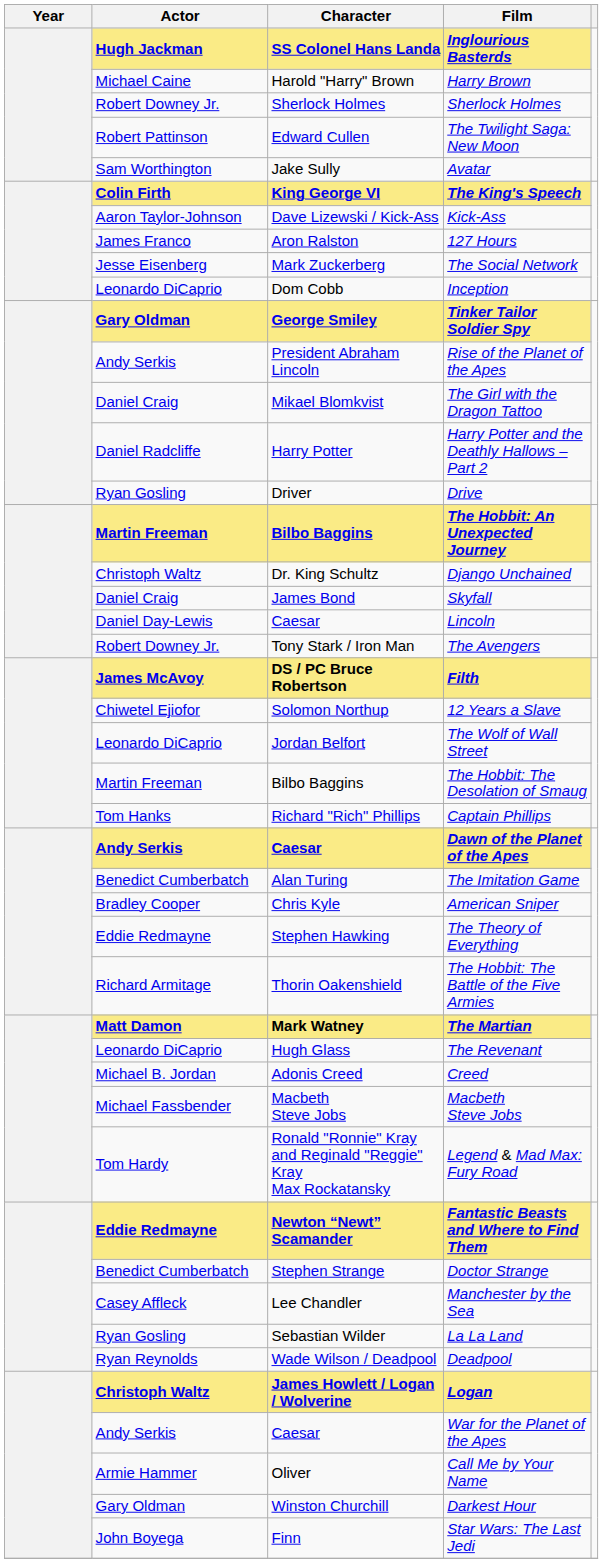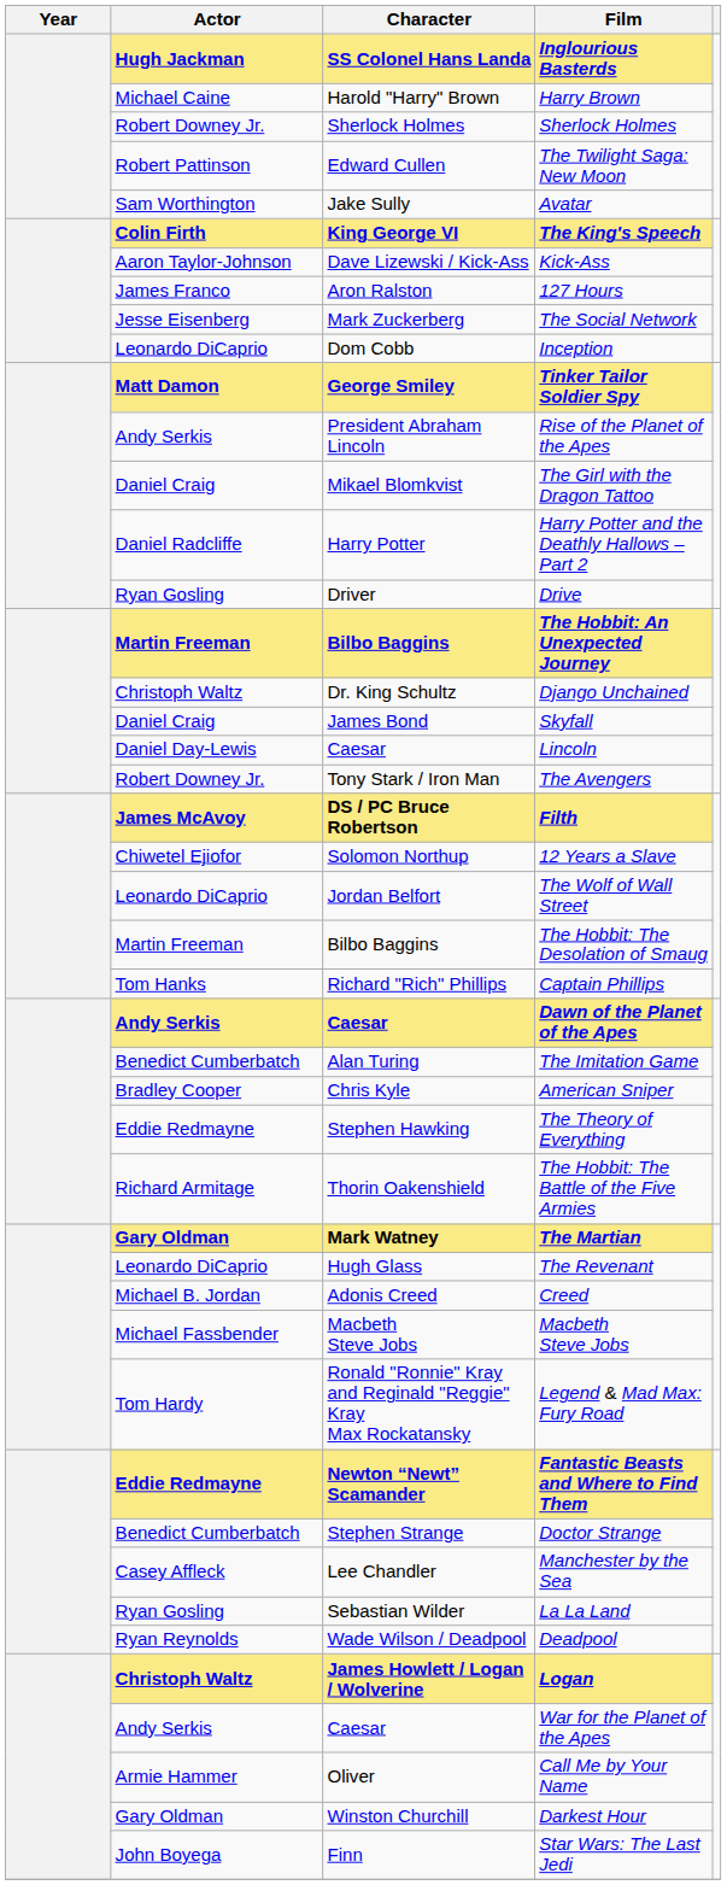 <table class="wikitable" width="50%">
 <tr>
 <th scope="col" width="15%">Year</th>
 <th scope="col" width="30%">Actor</th>
 <th scope="col" width="30%">Character</th>
 <th scope="col" width="60%">Film</th>
 <th scope="col" width="2%"></th>
 </tr>
 <tr>
 <th scope="row" rowspan="5"></th>
 <td style="background:#FAEB86"><strong><a href='#'>Hugh Jackman</a></strong></td>
 <td style="background:#FAEB86"><strong><a href='#'>SS Colonel Hans Landa</a></strong></td>
 <td style="background:#FAEB86"><strong><em><a href='#'>Inglourious Basterds</a></em></strong></td>
 <td rowspan="5" style="text-align:center"></td>
 </tr>
 <tr>
 <td><a href='#'>Michael Caine</a></td>
 <td>Harold "Harry" Brown</td>
 <td><em><a href='#'>Harry Brown</a></em></td>
 </tr>
 <tr>
 <td><a href='#'>Robert Downey Jr.</a></td>
 <td><a href='#'>Sherlock Holmes</a></td>
 <td><em><a href='#'>Sherlock Holmes</a></em></td>
 </tr>
 <tr>
 <td><a href='#'>Robert Pattinson</a></td>
 <td><a href='#'>Edward Cullen</a></td>
 <td><em><a href='#'>The Twilight Saga: New Moon</a></em></td>
 </tr>
 <tr>
 <td><a href='#'>Sam Worthington</a></td>
 <td>Jake Sully</td>
 <td><em><a href='#'>Avatar</a></em></td>
 </tr>
 <tr>
 <th scope="row" rowspan="5"></th>
 <td style="background:#FAEB86"><strong><a href='#'>Colin Firth</a></strong></td>
 <td style="background:#FAEB86"><strong><a href='#'>King George VI</a></strong></td>
 <td style="background:#FAEB86"><strong><em><a href='#'>The King's Speech</a></em></strong></td>
 <td rowspan="5" style="text-align:center"></td>
 </tr>
 <tr>
 <td><a href='#'>Aaron Taylor-Johnson</a></td>
 <td><a href='#'>Dave Lizewski / Kick-Ass</a></td>
 <td><em><a href='#'>Kick-Ass</a></em></td>
 </tr>
 <tr>
 <td><a href='#'>James Franco</a></td>
 <td><a href='#'>Aron Ralston</a></td>
 <td><em><a href='#'>127 Hours</a></em></td>
 </tr>
 <tr>
 <td><a href='#'>Jesse Eisenberg</a></td>
 <td><a href='#'>Mark Zuckerberg</a></td>
 <td><em><a href='#'>The Social Network</a></em></td>
 </tr>
 <tr>
 <td><a href='#'>Leonardo DiCaprio</a></td>
 <td>Dom Cobb</td>
 <td><em><a href='#'>Inception</a></em></td>
 </tr>
 <tr>
 <th scope="row" rowspan="5"></th>
-<td style="background:#FAEB86"><strong><a href='#'>Gary Oldman</a></strong></td>
+<td style="background:#FAEB86"><strong><a href='#'>Matt Damon</a></strong></td>
 <td style="background:#FAEB86"><strong><a href='#'>George Smiley</a></strong></td>
 <td style="background:#FAEB86"><strong><em><a href='#'>Tinker Tailor Soldier Spy</a></em></strong></td>
 <td rowspan="5" style="text-align:center"></td>
 </tr>
 <tr>
 <td><a href='#'>Andy Serkis</a></td>
 <td><a href='#'>President Abraham Lincoln</a></td>
 <td><em><a href='#'>Rise of the Planet of the Apes</a></em></td>
 </tr>
 <tr>
 <td><a href='#'>Daniel Craig</a></td>
 <td><a href='#'>Mikael Blomkvist</a></td>
 <td><em><a href='#'>The Girl with the Dragon Tattoo</a></em></td>
 </tr>
 <tr>
 <td><a href='#'>Daniel Radcliffe</a></td>
 <td><a href='#'>Harry Potter</a></td>
 <td><em><a href='#'>Harry Potter and the Deathly Hallows – Part 2</a></em></td>
 </tr>
 <tr>
 <td><a href='#'>Ryan Gosling</a></td>
 <td>Driver</td>
 <td><em><a href='#'>Drive</a></em></td>
 </tr>
 <tr>
 <th scope="row" rowspan="5"></th>
 <td style="background:#FAEB86"><strong><a href='#'>Martin Freeman</a></strong></td>
 <td style="background:#FAEB86"><strong><a href='#'>Bilbo Baggins</a></strong></td>
 <td style="background:#FAEB86"><strong><em><a href='#'>The Hobbit: An Unexpected Journey</a></em></strong></td>
 <td rowspan="5" style="text-align:center"></td>
 </tr>
 <tr>
 <td><a href='#'>Christoph Waltz</a></td>
 <td>Dr. King Schultz</td>
 <td><em><a href='#'>Django Unchained</a></em></td>
 </tr>
 <tr>
 <td><a href='#'>Daniel Craig</a></td>
 <td><a href='#'>James Bond</a></td>
 <td><em><a href='#'>Skyfall</a></em></td>
 </tr>
 <tr>
 <td><a href='#'>Daniel Day-Lewis</a></td>
 <td><a href='#'>Caesar</a></td>
 <td><em><a href='#'>Lincoln</a></em></td>
 </tr>
 <tr>
 <td><a href='#'>Robert Downey Jr.</a></td>
 <td>Tony Stark / Iron Man</td>
 <td><em><a href='#'>The Avengers</a></em></td>
 </tr>
 <tr>
 <th scope="row" rowspan="5"></th>
 <td style="background:#FAEB86"><strong><a href='#'>James McAvoy</a></strong></td>
 <td style="background:#FAEB86"><strong>DS / PC Bruce Robertson</strong></td>
 <td style="background:#FAEB86"><strong><em><a href='#'>Filth</a></em></strong></td>
 <td rowspan="5" style="text-align:center"></td>
 </tr>
 <tr>
 <td><a href='#'>Chiwetel Ejiofor</a></td>
 <td><a href='#'>Solomon Northup</a></td>
 <td><em><a href='#'>12 Years a Slave</a></em></td>
 </tr>
 <tr>
 <td><a href='#'>Leonardo DiCaprio</a></td>
 <td><a href='#'>Jordan Belfort</a></td>
 <td><em><a href='#'>The Wolf of Wall Street</a></em></td>
 </tr>
 <tr>
 <td><a href='#'>Martin Freeman</a></td>
 <td>Bilbo Baggins</td>
 <td><em><a href='#'>The Hobbit: The Desolation of Smaug</a></em></td>
 </tr>
 <tr>
 <td><a href='#'>Tom Hanks</a></td>
 <td><a href='#'>Richard "Rich" Phillips</a></td>
 <td><em><a href='#'>Captain Phillips</a></em></td>
 </tr>
 <tr>
 <th scope="row" rowspan="5"></th>
 <td style="background:#FAEB86"><strong><a href='#'>Andy Serkis</a></strong></td>
 <td style="background:#FAEB86"><strong><a href='#'>Caesar</a></strong></td>
 <td style="background:#FAEB86"><strong><em><a href='#'>Dawn of the Planet of the Apes</a></em></strong></td>
 <td rowspan="5" style="text-align:center"></td>
 </tr>
 <tr>
 <td><a href='#'>Benedict Cumberbatch</a></td>
 <td><a href='#'>Alan Turing</a></td>
 <td><em><a href='#'>The Imitation Game</a></em></td>
 </tr>
 <tr>
 <td><a href='#'>Bradley Cooper</a></td>
 <td><a href='#'>Chris Kyle</a></td>
 <td><em><a href='#'>American Sniper</a></em></td>
 </tr>
 <tr>
 <td><a href='#'>Eddie Redmayne</a></td>
 <td><a href='#'>Stephen Hawking</a></td>
 <td><em><a href='#'>The Theory of Everything</a></em></td>
 </tr>
 <tr>
 <td><a href='#'>Richard Armitage</a></td>
 <td><a href='#'>Thorin Oakenshield</a></td>
 <td><em><a href='#'>The Hobbit: The Battle of the Five Armies</a></em></td>
 </tr>
 <tr>
 <th scope="row" rowspan="5"></th>
-<td style="background:#FAEB86"><strong><a href='#'>Matt Damon</a></strong></td>
+<td style="background:#FAEB86"><strong><a href='#'>Gary Oldman</a></strong></td>
 <td style="background:#FAEB86"><strong>Mark Watney</strong></td>
 <td style="background:#FAEB86"><strong><em><a href='#'>The Martian</a></em></strong></td>
 <td rowspan="5" style="text-align:center"></td>
 </tr>
 <tr>
 <td><a href='#'>Leonardo DiCaprio</a></td>
 <td><a href='#'>Hugh Glass</a></td>
 <td><em><a href='#'>The Revenant</a></em></td>
 </tr>
 <tr>
 <td><a href='#'>Michael B. Jordan</a></td>
 <td><a href='#'>Adonis Creed</a></td>
 <td><em><a href='#'>Creed</a></em></td>
 </tr>
 <tr>
 <td><a href='#'>Michael Fassbender</a> </td>
 <td><a href='#'>Macbeth</a><br><a href='#'>Steve Jobs</a></td>
 <td><em><a href='#'>Macbeth</a></em><br><em><a href='#'>Steve Jobs</a></em></td>
 </tr>
 <tr>
 <td><a href='#'>Tom Hardy</a></td>
 <td><a href='#'>Ronald "Ronnie" Kray and Reginald "Reggie" Kray</a><br><a href='#'>Max Rockatansky</a></td>
 <td><em><a href='#'>Legend</a></em> & <em><a href='#'>Mad Max: Fury Road</a></em></td>
 </tr>
 <tr>
 <th scope="row" rowspan="5"></th>
 <td style="background:#FAEB86"><strong><a href='#'>Eddie Redmayne</a></strong></td>
 <td style="background:#FAEB86"><strong><a href='#'>Newton “Newt” Scamander</a></strong></td>
 <td style="background:#FAEB86"><strong><em><a href='#'>Fantastic Beasts and Where to Find Them</a></em></strong></td>
 <td rowspan="5" style="text-align:center"></td>
 </tr>
 <tr>
 <td><a href='#'>Benedict Cumberbatch</a></td>
 <td><a href='#'>Stephen Strange</a></td>
 <td><em><a href='#'>Doctor Strange</a></em></td>
 </tr>
 <tr>
 <td><a href='#'>Casey Affleck</a></td>
 <td>Lee Chandler</td>
 <td><em><a href='#'>Manchester by the Sea</a></em></td>
 </tr>
 <tr>
 <td><a href='#'>Ryan Gosling</a></td>
 <td>Sebastian Wilder</td>
 <td><em><a href='#'>La La Land</a></em></td>
 </tr>
 <tr>
 <td><a href='#'>Ryan Reynolds</a></td>
 <td><a href='#'>Wade Wilson / Deadpool</a></td>
 <td><em><a href='#'>Deadpool</a></em></td>
 </tr>
 <tr>
 <th scope="row" rowspan="5"></th>
 <td style="background:#FAEB86"><strong><a href='#'>Christoph Waltz</a></strong></td>
 <td style="background:#FAEB86"><strong><a href='#'>James Howlett / Logan / Wolverine</a></strong></td>
 <td style="background:#FAEB86"><strong><em><a href='#'>Logan</a></em></strong></td>
 <td rowspan="5" style="text-align:center"></td>
 </tr>
 <tr>
 <td><a href='#'>Andy Serkis</a></td>
 <td><a href='#'>Caesar</a></td>
 <td><em><a href='#'>War for the Planet of the Apes</a></em></td>
 </tr>
 <tr>
 <td><a href='#'>Armie Hammer</a></td>
 <td>Oliver</td>
 <td><em><a href='#'>Call Me by Your Name</a></em></td>
 </tr>
 <tr>
 <td><a href='#'>Gary Oldman</a></td>
 <td><a href='#'>Winston Churchill</a></td>
 <td><em><a href='#'>Darkest Hour</a></em></td>
 </tr>
 <tr>
 <td><a href='#'>John Boyega</a></td>
 <td><a href='#'>Finn</a></td>
 <td><em><a href='#'>Star Wars: The Last Jedi</a></em></td>
 </tr>
 <tr>
 </tr>
 </table>
